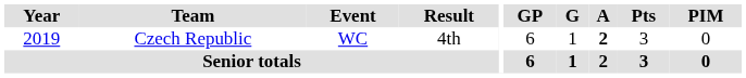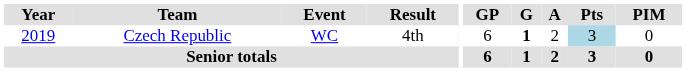 <table border="0" cellpadding="1" cellspacing="0" ID="Table3" style="text-align:center; width:40em">
 <tr bgcolor="#e0e0e0">
 <th>Year</th>
 <th>Team</th>
 <th>Event</th>
 <th>Result</th>
 <th rowspan="99" bgcolor="#ffffff"></th>
 <th>GP</th>
 <th>G</th>
 <th>A</th>
 <th>Pts</th>
 <th>PIM</th>
 </tr>
 <tr>
 <td><a href='#'>2019</a></td>
 <td><a href='#'>Czech Republic</a></td>
 <td><a href='#'>WC</a></td>
 <td>4th</td>
 <td>6</td>
-<td>1</td>
-<td><strong>2</strong></td>
-<td>3</td>
+<td><strong>1</strong></td>
+<td>2</td>
+<td style="background: lightblue;">3</td>
 <td>0</td>
 </tr>
 <tr bgcolor="#e0e0e0">
 <th colspan="4">Senior totals</th>
 <th>6</th>
 <th>1</th>
 <th>2</th>
 <th>3</th>
 <th>0</th>
 </tr>
 </table>
